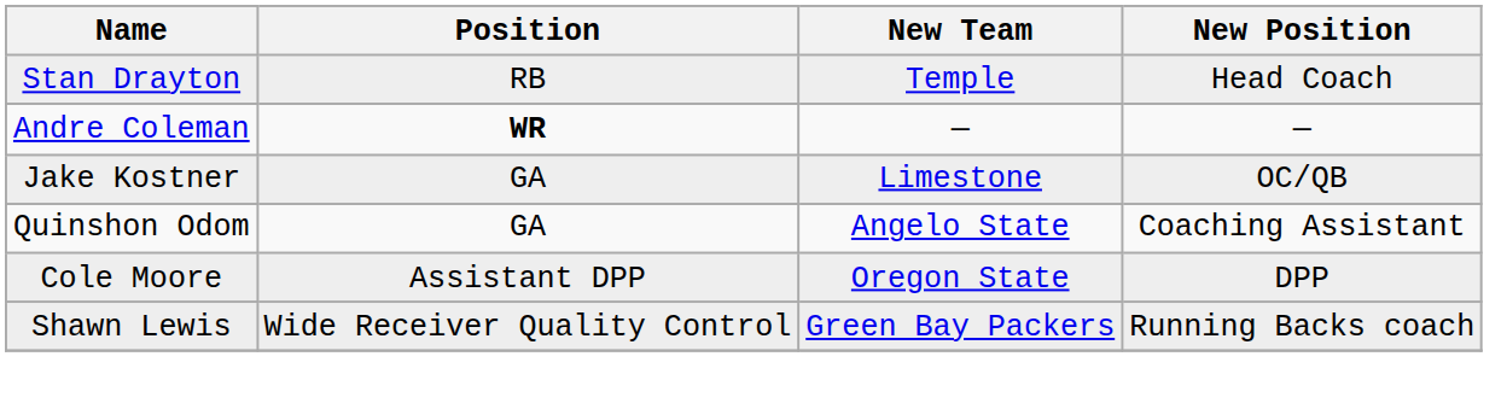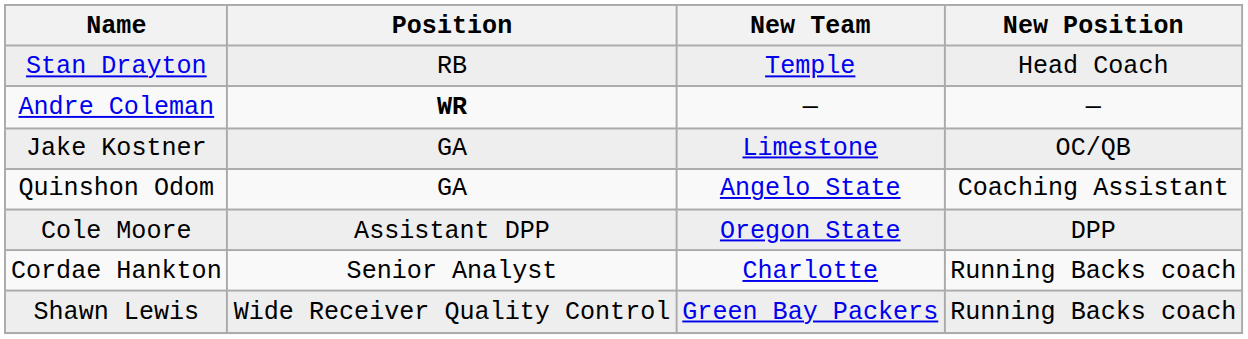 <table class="wikitable">
 <tr>
 <th style="text-align:center; ">Name</th>
 <th style="text-align:center; ">Position</th>
 <th style="text-align:center; ">New Team</th>
 <th style="text-align:center; ">New Position</th>
 </tr>
 <tr style="background:#eeeeee;"align="center">
 <td><a href='#'>Stan Drayton</a></td>
 <td>RB</td>
 <td><a href='#'>Temple</a></td>
 <td>Head Coach</td>
 </tr>
 <tr align="center">
 <td><a href='#'>Andre Coleman</a></td>
 <td><strong>WR</strong></td>
 <td>—</td>
 <td>—</td>
 </tr>
 <tr style="background:#eeeeee;"align="center">
 <td>Jake Kostner</td>
 <td>GA</td>
 <td><a href='#'>Limestone</a></td>
 <td>OC/QB</td>
 </tr>
 <tr align="center">
 <td>Quinshon Odom</td>
 <td>GA</td>
 <td><a href='#'>Angelo State</a></td>
 <td>Coaching Assistant</td>
 </tr>
 <tr style="background:#eeeeee;"align="center">
 <td>Cole Moore</td>
 <td>Assistant DPP</td>
 <td><a href='#'>Oregon State</a></td>
 <td>DPP</td>
 </tr>
+<tr align="center">
+<td>Cordae Hankton</td>
+<td>Senior Analyst</td>
+<td><a href='#'>Charlotte</a></td>
+<td>Running Backs coach</td>
+</tr>
 <tr style="background:#eeeeee;"align="center">
 <td>Shawn Lewis</td>
 <td>Wide Receiver Quality Control</td>
 <td><a href='#'>Green Bay Packers</a></td>
 <td>Running Backs coach</td>
 </tr>
 <tr>
 </tr>
 </table>
